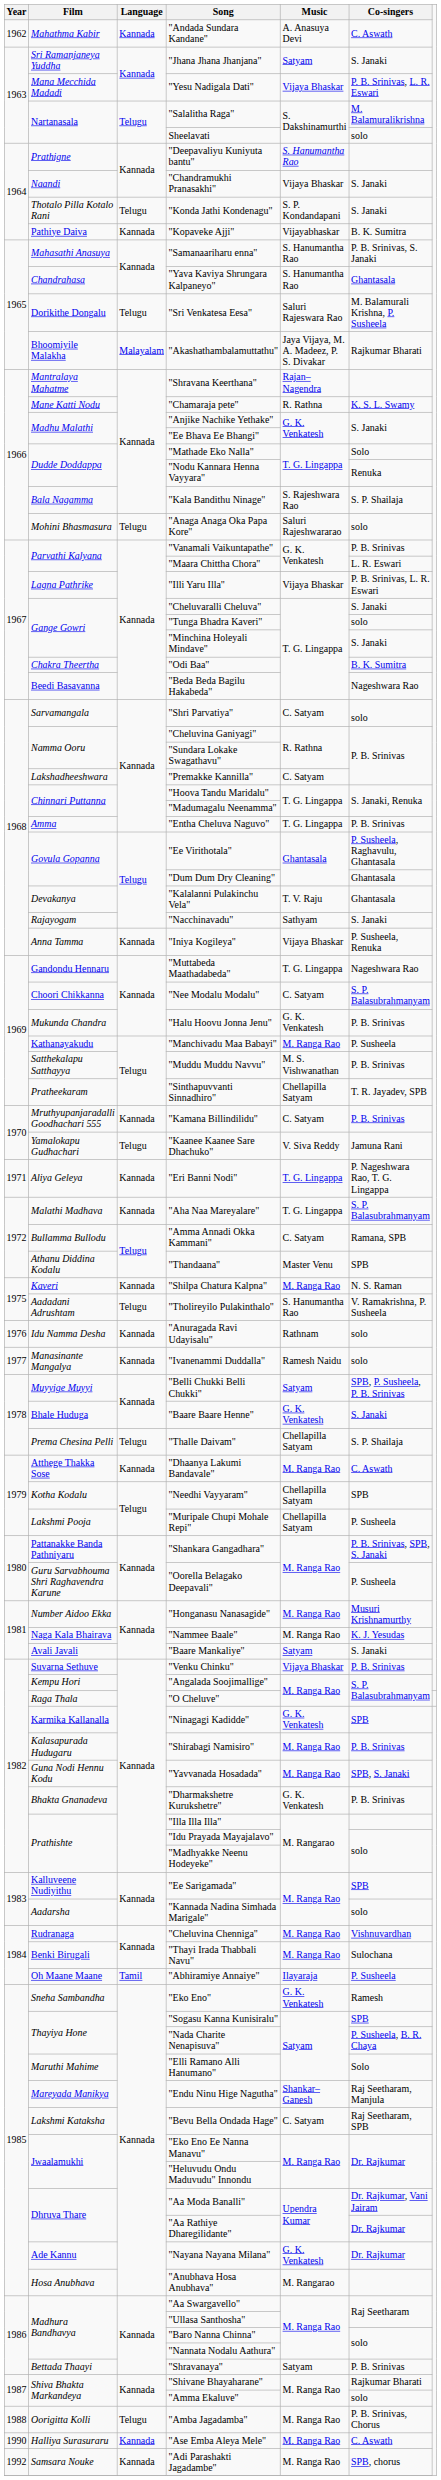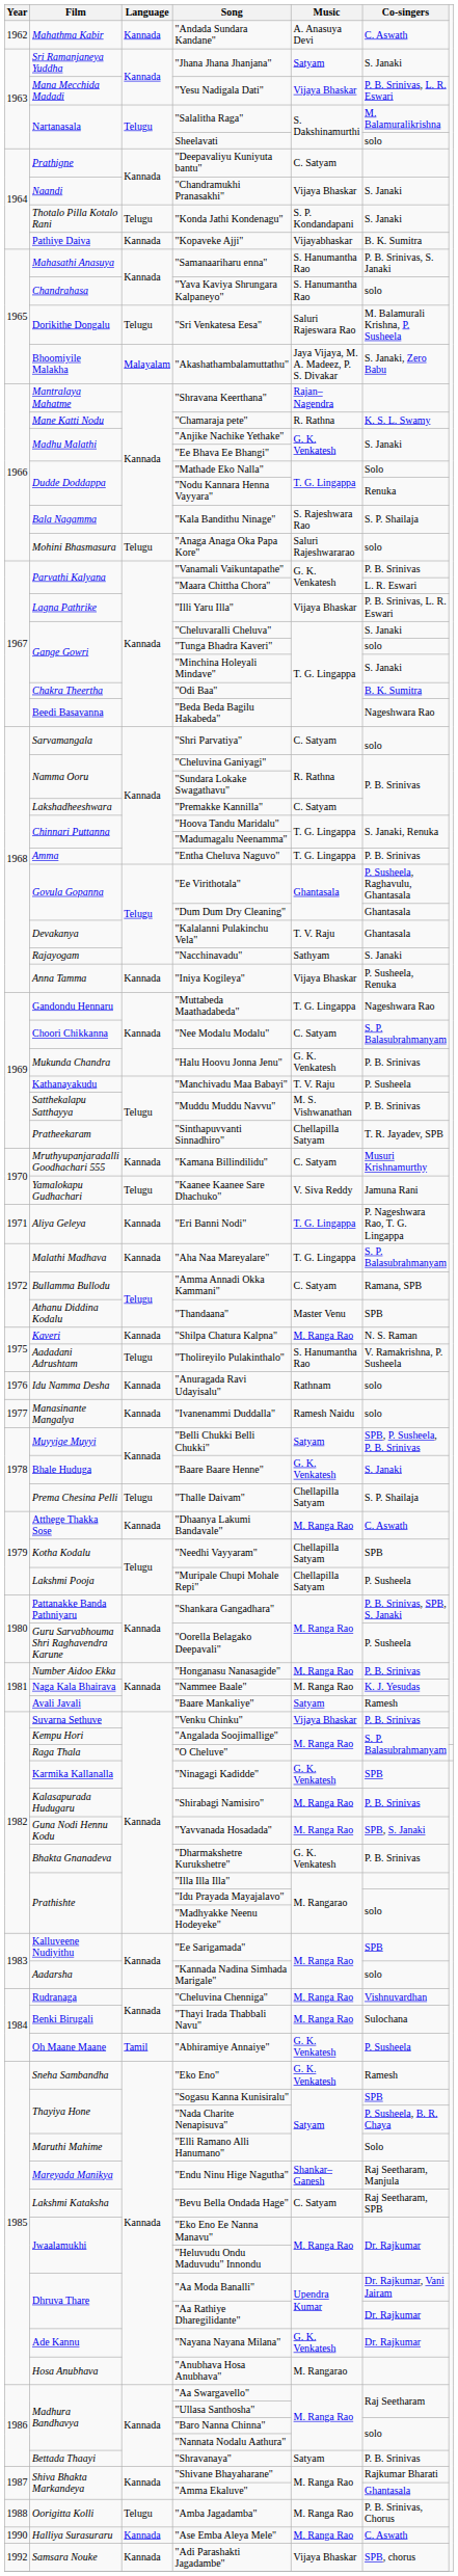 <table class="wikitable">
 <tr>
 <th>Year</th>
 <th>Film</th>
 <th>Language</th>
 <th>Song</th>
 <th>Music</th>
 <th>Co-singers</th>
 </tr>
 <tr>
 <td>1962</td>
 <td><em><a href='#'>Mahathma Kabir</a></em></td>
 <td><a href='#'>Kannada</a></td>
 <td>"Andada Sundara Kandane"</td>
 <td>A. Anasuya Devi</td>
 <td><a href='#'>C. Aswath</a></td>
 </tr>
 <tr>
 <td rowspan=4>1963</td>
 <td rowspan=><em><a href='#'>Sri Ramanjaneya Yuddha</a></em></td>
 <td rowspan=2><a href='#'>Kannada</a></td>
 <td>"Jhana Jhana Jhanjana"</td>
 <td rowspan=><a href='#'>Satyam</a></td>
 <td rowspan=>S. Janaki</td>
 </tr>
 <tr>
 <td><em><a href='#'>Mana Mecchida Madadi</a></em></td>
 <td>"Yesu Nadigala Dati"</td>
 <td><a href='#'>Vijaya Bhaskar</a></td>
 <td><a href='#'>P. B. Srinivas</a>, <a href='#'>L. R. Eswari</a></td>
 </tr>
 <tr>
 <td rowspan=2><a href='#'>Nartanasala</a></td>
 <td rowspan=2><a href='#'>Telugu</a></td>
 <td rowspan=>"Salalitha Raga"</td>
 <td rowspan=2>S. Dakshinamurthi</td>
 <td><a href='#'>M. Balamuralikrishna</a></td>
 </tr>
 <tr>
 <td>Sheelavati</td>
 <td>solo</td>
 </tr>
 <tr>
 <td rowspan=4>1964</td>
 <td rowspan=><em><a href='#'>Prathigne</a></em></td>
 <td rowspan=2>Kannada</td>
 <td>"Deepavaliyu Kuniyuta bantu"</td>
-<td rowspan=><em><a href='#'>S. Hanumantha Rao</a></em></td>
+<td>C. Satyam</td>
 <td rowspan=></td>
 </tr>
 <tr>
 <td><em><a href='#'>Naandi</a></em></td>
 <td>"Chandramukhi Pranasakhi"</td>
 <td>Vijaya Bhaskar</td>
 <td>S. Janaki</td>
 </tr>
 <tr>
 <td><em>Thotalo Pilla Kotalo Rani</em></td>
 <td>Telugu</td>
 <td>"Konda Jathi Kondenagu"</td>
 <td>S. P. Kondandapani</td>
 <td>S. Janaki</td>
 </tr>
 <tr>
 <td><a href='#'>Pathiye Daiva</a></td>
 <td>Kannada</td>
 <td>"Kopaveke Ajji"</td>
 <td>Vijayabhaskar</td>
 <td>B. K. Sumitra</td>
 </tr>
 <tr>
 <td rowspan=4>1965</td>
 <td rowspan=><em><a href='#'>Mahasathi Anasuya</a></em></td>
 <td rowspan=2>Kannada</td>
 <td>"Samanaariharu enna"</td>
 <td rowspan=>S. Hanumantha Rao</td>
 <td>P. B. Srinivas, S. Janaki</td>
 </tr>
 <tr>
 <td><em><a href='#'>Chandrahasa</a></em></td>
 <td>"Yava Kaviya Shrungara Kalpaneyo"</td>
 <td>S. Hanumantha Rao</td>
-<td><a href='#'>Ghantasala</a></td>
+<td>solo</td>
 </tr>
 <tr>
 <td><a href='#'>Dorikithe Dongalu</a></td>
 <td>Telugu</td>
 <td>"Sri Venkatesa Eesa"</td>
 <td>Saluri Rajeswara Rao</td>
 <td>M. Balamurali Krishna, <a href='#'>P. Susheela</a></td>
 </tr>
 <tr>
 <td><a href='#'>Bhoomiyile Malakha</a></td>
 <td><a href='#'>Malayalam</a></td>
 <td>"Akashathambalamuttathu"</td>
 <td>Jaya Vijaya, M. A. Madeez, P. S. Divakar</td>
-<td rowspan=>Rajkumar Bharati</td>
+<td>S. Janaki, <a href='#'>Zero Babu</a></td>
 </tr>
 <tr>
 <td rowspan=8>1966</td>
 <td rowspan=><em><a href='#'>Mantralaya Mahatme</a></em></td>
 <td rowspan=7>Kannada</td>
 <td rowspan=>"Shravana Keerthana"</td>
 <td rowspan=><a href='#'>Rajan–Nagendra</a></td>
 <td rowspan=></td>
 </tr>
 <tr>
 <td><em><a href='#'>Mane Katti Nodu</a></em></td>
 <td>"Chamaraja pete"</td>
 <td>R. Rathna</td>
 <td><a href='#'>K. S. L. Swamy</a></td>
 </tr>
 <tr>
 <td rowspan=2><em><a href='#'>Madhu Malathi</a></em></td>
 <td>"Anjike Nachike Yethake"</td>
 <td rowspan=2><a href='#'>G. K. Venkatesh</a></td>
 <td rowspan=2>S. Janaki</td>
 </tr>
 <tr>
 <td>"Ee Bhava Ee Bhangi"</td>
 </tr>
 <tr>
 <td rowspan=2><em><a href='#'>Dudde Doddappa</a></em></td>
 <td>"Mathade Eko Nalla"</td>
 <td rowspan=2><a href='#'>T. G. Lingappa</a></td>
 <td rowspan=>Solo</td>
 </tr>
 <tr>
 <td>"Nodu Kannara Henna Vayyara"</td>
 <td>Renuka</td>
 </tr>
 <tr>
 <td><em><a href='#'>Bala Nagamma</a></em></td>
 <td>"Kala Bandithu Ninage"</td>
 <td>S. Rajeshwara Rao</td>
 <td>S. P. Shailaja</td>
 </tr>
 <tr>
 <td><em>Mohini Bhasmasura</em></td>
 <td>Telugu</td>
 <td>"Anaga Anaga Oka Papa Kore"</td>
 <td>Saluri Rajeshwararao</td>
 <td>solo</td>
 </tr>
 <tr>
 <td rowspan=8>1967</td>
 <td rowspan=2><em><a href='#'>Parvathi Kalyana</a></em></td>
 <td rowspan=8>Kannada</td>
 <td>"Vanamali Vaikuntapathe"</td>
 <td rowspan=2>G. K. Venkatesh</td>
 <td>P. B. Srinivas</td>
 </tr>
 <tr>
 <td>"Maara Chittha Chora"</td>
 <td>L. R. Eswari</td>
 </tr>
 <tr>
 <td><em><a href='#'>Lagna Pathrike</a></em></td>
 <td>"Illi Yaru Illa"</td>
 <td>Vijaya Bhaskar</td>
 <td>P. B. Srinivas, L. R. Eswari</td>
 </tr>
 <tr>
 <td rowspan=3><em><a href='#'>Gange Gowri</a></em></td>
 <td>"Cheluvaralli Cheluva"</td>
 <td rowspan=5>T. G. Lingappa</td>
 <td>S. Janaki</td>
 </tr>
 <tr>
 <td>"Tunga Bhadra Kaveri"</td>
 <td>solo</td>
 </tr>
 <tr>
 <td>"Minchina Holeyali Mindave"</td>
 <td>S. Janaki</td>
 </tr>
 <tr>
 <td><em><a href='#'>Chakra Theertha</a></em></td>
 <td>"Odi Baa"</td>
 <td><a href='#'>B. K. Sumitra</a></td>
 </tr>
 <tr>
 <td><a href='#'>Beedi Basavanna</a></td>
 <td>"Beda Beda Bagilu Hakabeda"</td>
 <td>Nageshwara Rao</td>
 </tr>
 <tr>
 <td rowspan=12>1968</td>
 <td rowspan=><em>Sarvamangala</em></td>
 <td rowspan=7>Kannada</td>
 <td>"Shri Parvatiya"</td>
 <td rowspan=>C. Satyam</td>
 <td rowspan=><br>solo</td>
 </tr>
 <tr>
 <td rowspan=2><em>Namma Ooru</em></td>
 <td rowspan=>"Cheluvina Ganiyagi"</td>
 <td rowspan=2>R. Rathna</td>
 <td rowspan=3>P. B. Srinivas</td>
 </tr>
 <tr>
 <td>"Sundara Lokake Swagathavu"</td>
 </tr>
 <tr>
 <td><em>Lakshadheeshwara</em></td>
 <td>"Premakke Kannilla"</td>
 <td>C. Satyam</td>
 </tr>
 <tr>
 <td rowspan=2><em><a href='#'>Chinnari Puttanna</a></em></td>
 <td rowspan=>"Hoova Tandu Maridalu"</td>
 <td rowspan=2>T. G. Lingappa</td>
 <td rowspan=2>S. Janaki, Renuka</td>
 </tr>
 <tr>
 <td>"Madumagalu Neenamma"</td>
 </tr>
 <tr>
 <td><em><a href='#'>Amma</a></em></td>
 <td>"Entha Cheluva Naguvo"</td>
 <td>T. G. Lingappa</td>
 <td>P. B. Srinivas</td>
 </tr>
 <tr>
 <td rowspan=2><em><a href='#'>Govula Gopanna</a></em></td>
 <td rowspan=4><a href='#'>Telugu</a></td>
 <td rowspan=>"Ee Virithotala"</td>
 <td rowspan=2><a href='#'>Ghantasala</a></td>
 <td rowspan=><a href='#'>P. Susheela</a>, Raghavulu, Ghantasala</td>
 </tr>
 <tr>
 <td>"Dum Dum Dry Cleaning"</td>
 <td>Ghantasala</td>
 </tr>
 <tr>
 <td><em>Devakanya</em></td>
 <td>"Kalalanni Pulakinchu Vela"</td>
 <td>T. V. Raju</td>
 <td>Ghantasala</td>
 </tr>
 <tr>
 <td><em>Rajayogam</em></td>
 <td>"Nacchinavadu"</td>
 <td>Sathyam</td>
 <td>S. Janaki</td>
 </tr>
 <tr>
 <td><em>Anna Tamma</em></td>
 <td>Kannada</td>
 <td>"Iniya Kogileya"</td>
 <td>Vijaya Bhaskar</td>
 <td>P. Susheela, Renuka</td>
 </tr>
 <tr>
 <td rowspan=6>1969</td>
 <td><a href='#'>Gandondu Hennaru</a></td>
 <td rowspan=3>Kannada</td>
 <td>"Muttabeda Maathadabeda"</td>
 <td>T. G. Lingappa</td>
 <td>Nageshwara Rao</td>
 </tr>
 <tr>
 <td><a href='#'>Choori Chikkanna</a></td>
 <td>"Nee Modalu Modalu"</td>
 <td>C. Satyam</td>
 <td><a href='#'>S. P. Balasubrahmanyam</a></td>
 </tr>
 <tr>
 <td><em>Mukunda Chandra</em></td>
 <td>"Halu Hoovu Jonna Jenu"</td>
 <td>G. K. Venkatesh</td>
 <td>P. B. Srinivas</td>
 </tr>
 <tr>
 <td><a href='#'>Kathanayakudu</a></td>
 <td rowspan=3>Telugu</td>
 <td>"Manchivadu Maa Babayi"</td>
-<td><a href='#'>M. Ranga Rao</a></td>
+<td>T. V. Raju</td>
 <td>P. Susheela</td>
 </tr>
 <tr>
 <td><em>Satthekalapu Satthayya</em></td>
 <td>"Muddu Muddu Navvu"</td>
 <td>M. S. Vishwanathan</td>
 <td>P. B. Srinivas</td>
 </tr>
 <tr>
 <td><em>Pratheekaram</em></td>
 <td>"Sinthapuvvanti Sinnadhiro"</td>
 <td>Chellapilla Satyam</td>
 <td>T. R. Jayadev, SPB</td>
 </tr>
 <tr>
 <td rowspan=2>1970</td>
 <td><em>Mruthyupanjaradalli Goodhachari 555</em></td>
 <td>Kannada</td>
 <td>"Kamana Billindilidu"</td>
 <td>C. Satyam</td>
-<td><a href='#'>P. B. Srinivas</a></td>
+<td rowspan=><a href='#'>Musuri Krishnamurthy</a></td>
 </tr>
 <tr>
 <td><em>Yamalokapu Gudhachari</em></td>
 <td>Telugu</td>
 <td>"Kaanee Kaanee Sare Dhachuko"</td>
 <td>V. Siva Reddy</td>
 <td>Jamuna Rani</td>
 </tr>
 <tr>
 <td>1971</td>
 <td><em>Aliya Geleya</em></td>
 <td>Kannada</td>
 <td>"Eri Banni Nodi"</td>
 <td><a href='#'>T. G. Lingappa</a></td>
 <td>P. Nageshwara Rao, T. G. Lingappa</td>
 </tr>
 <tr>
 <td rowspan=3>1972</td>
 <td rowspan=><em>Malathi Madhava</em></td>
 <td rowspan=>Kannada</td>
 <td>"Aha Naa Mareyalare"</td>
 <td rowspan=>T. G. Lingappa</td>
 <td rowspan=><a href='#'>S. P. Balasubrahmanyam</a></td>
 </tr>
 <tr>
 <td><em>Bullamma Bullodu</em></td>
 <td rowspan=2><a href='#'>Telugu</a></td>
 <td>"Amma Annadi Okka Kammani"</td>
 <td>C. Satyam</td>
 <td>Ramana, SPB</td>
 </tr>
 <tr>
 <td><em>Athanu Diddina Kodalu</em></td>
 <td>"Thandaana"</td>
 <td>Master Venu</td>
 <td>SPB</td>
 </tr>
 <tr>
 <td rowspan=2>1975</td>
 <td><em><a href='#'>Kaveri</a></em></td>
 <td>Kannada</td>
 <td>"Shilpa Chatura Kalpna"</td>
 <td><a href='#'>M. Ranga Rao</a></td>
 <td>N. S. Raman</td>
 </tr>
 <tr>
 <td><em>Aadadani Adrushtam</em></td>
 <td>Telugu</td>
 <td>"Tholireyilo Pulakinthalo"</td>
 <td>S. Hanumantha Rao</td>
 <td>V. Ramakrishna, P. Susheela</td>
 </tr>
 <tr>
 <td>1976</td>
 <td><em>Idu Namma Desha</em></td>
 <td>Kannada</td>
 <td>"Anuragada Ravi Udayisalu"</td>
 <td>Rathnam</td>
 <td>solo</td>
 </tr>
 <tr>
 <td>1977</td>
 <td><em>Manasinante Mangalya</em></td>
 <td>Kannada</td>
 <td>"Ivanenammi Duddalla"</td>
 <td>Ramesh Naidu</td>
 <td>solo</td>
 </tr>
 <tr>
 <td rowspan=3>1978</td>
 <td rowspan=><em><a href='#'>Muyyige Muyyi</a></em></td>
 <td rowspan=2>Kannada</td>
 <td>"Belli Chukki Belli Chukki"</td>
 <td rowspan=><a href='#'>Satyam</a></td>
 <td rowspan=><a href='#'>SPB</a>, <a href='#'>P. Susheela</a>, <a href='#'>P. B. Srinivas</a></td>
 </tr>
 <tr>
 <td><a href='#'>Bhale Huduga</a></td>
 <td>"Baare Baare Henne"</td>
 <td><a href='#'>G. K. Venkatesh</a></td>
 <td><a href='#'>S. Janaki</a></td>
 </tr>
 <tr>
 <td><em>Prema Chesina Pelli</em></td>
 <td>Telugu</td>
 <td>"Thalle Daivam"</td>
 <td>Chellapilla Satyam</td>
 <td>S. P. Shailaja</td>
 </tr>
 <tr>
 <td rowspan=3>1979</td>
 <td><a href='#'>Atthege Thakka Sose</a></td>
 <td>Kannada</td>
 <td>"Dhaanya Lakumi Bandavale"</td>
 <td><a href='#'>M. Ranga Rao</a></td>
 <td><a href='#'>C. Aswath</a></td>
 </tr>
 <tr>
 <td><em>Kotha Kodalu</em></td>
 <td rowspan=2>Telugu</td>
 <td>"Needhi Vayyaram"</td>
 <td>Chellapilla Satyam</td>
 <td>SPB</td>
 </tr>
 <tr>
 <td><em>Lakshmi Pooja</em></td>
 <td>"Muripale Chupi Mohale Repi"</td>
 <td>Chellapilla Satyam</td>
 <td>P. Susheela</td>
 </tr>
 <tr>
 <td rowspan=2>1980</td>
 <td><a href='#'>Pattanakke Banda Pathniyaru</a></td>
 <td rowspan=2>Kannada</td>
 <td>"Shankara Gangadhara"</td>
 <td rowspan=2><a href='#'>M. Ranga Rao</a></td>
 <td><a href='#'>P. B. Srinivas</a>, <a href='#'>SPB</a>, <a href='#'>S. Janaki</a></td>
 </tr>
 <tr>
 <td><em>Guru Sarvabhouma Shri Raghavendra Karune</em></td>
 <td>"Oorella Belagako Deepavali"</td>
 <td>P. Susheela</td>
 </tr>
 <tr>
 <td rowspan=3>1981</td>
 <td rowspan=><em>Number Aidoo Ekka</em></td>
 <td rowspan=3>Kannada</td>
 <td>"Honganasu Nanasagide"</td>
 <td rowspan=><a href='#'>M. Ranga Rao</a></td>
-<td rowspan=><a href='#'>Musuri Krishnamurthy</a></td>
+<td><a href='#'>P. B. Srinivas</a></td>
 </tr>
 <tr>
 <td><a href='#'>Naga Kala Bhairava</a></td>
 <td>"Nammee Baale"</td>
 <td>M. Ranga Rao</td>
 <td><a href='#'>K. J. Yesudas</a></td>
 </tr>
 <tr>
 <td><a href='#'>Avali Javali</a></td>
 <td>"Baare Mankaliye"</td>
 <td><a href='#'>Satyam</a></td>
-<td>S. Janaki</td>
+<td>Ramesh</td>
 </tr>
 <tr>
 <td rowspan=10>1982</td>
 <td rowspan=><a href='#'>Suvarna Sethuve</a></td>
 <td rowspan=10>Kannada</td>
 <td>"Venku Chinku"</td>
 <td rowspan=><a href='#'>Vijaya Bhaskar</a></td>
 <td rowspan=><a href='#'>P. B. Srinivas</a></td>
 </tr>
 <tr>
 <td><em>Kempu Hori</em></td>
 <td>"Angalada Soojimallige"</td>
 <td rowspan="2"><a href='#'>M. Ranga Rao</a></td>
 <td rowspan="2"><a href='#'>S. P. Balasubrahmanyam</a></td>
 </tr>
 <tr>
 <td><em>Raga Thala</em></td>
 <td>"O Cheluve"</td>
 <td></td>
 </tr>
 <tr>
 <td><a href='#'>Karmika Kallanalla</a></td>
 <td>"Ninagagi Kadidde"</td>
 <td><a href='#'>G. K. Venkatesh</a></td>
 <td><a href='#'>SPB</a></td>
 </tr>
 <tr>
 <td><em>Kalasapurada Hudugaru</em></td>
 <td>"Shirabagi Namisiro"</td>
 <td><a href='#'>M. Ranga Rao</a></td>
 <td><a href='#'>P. B. Srinivas</a></td>
 </tr>
 <tr>
 <td><em>Guna Nodi Hennu Kodu</em></td>
 <td>"Yavvanada Hosadada"</td>
 <td><a href='#'>M. Ranga Rao</a></td>
 <td><a href='#'>SPB</a>, <a href='#'>S. Janaki</a></td>
 </tr>
 <tr>
 <td><em>Bhakta Gnanadeva</em></td>
 <td>"Dharmakshetre Kurukshetre"</td>
 <td>G. K. Venkatesh</td>
 <td>P. B. Srinivas</td>
 </tr>
 <tr>
 <td rowspan=3><em>Prathishte</em></td>
 <td>"Illa Illa Illa"</td>
 <td rowspan=3>M. Rangarao</td>
 <td></td>
 </tr>
 <tr>
 <td>"Idu Prayada Mayajalavo"</td>
 <td rowspan=2>solo</td>
 </tr>
 <tr>
 <td>"Madhyakke Neenu Hodeyeke"</td>
 </tr>
 <tr>
 <td rowspan=2>1983</td>
 <td rowspan=><a href='#'>Kalluveene Nudiyithu</a></td>
 <td rowspan=2>Kannada</td>
 <td>"Ee Sarigamada"</td>
 <td rowspan=2><a href='#'>M. Ranga Rao</a></td>
 <td rowspan=><a href='#'>SPB</a></td>
 </tr>
 <tr>
 <td><em>Aadarsha</em></td>
 <td>"Kannada Nadina Simhada Marigale"</td>
 <td>solo</td>
 </tr>
 <tr>
 <td rowspan=3>1984</td>
 <td rowspan=><a href='#'>Rudranaga</a></td>
 <td rowspan=2>Kannada</td>
 <td>"Cheluvina Chenniga"</td>
 <td rowspan=><a href='#'>M. Ranga Rao</a></td>
 <td rowspan=><a href='#'>Vishnuvardhan</a></td>
 </tr>
 <tr>
 <td><a href='#'>Benki Birugali</a></td>
 <td>"Thayi Irada Thabbali Navu"</td>
 <td><a href='#'>M. Ranga Rao</a></td>
 <td>Sulochana</td>
 </tr>
 <tr>
 <td><a href='#'>Oh Maane Maane</a></td>
 <td><a href='#'>Tamil</a></td>
 <td>"Abhiramiye Annaiye"</td>
-<td><a href='#'>Ilayaraja</a></td>
+<td rowspan=><a href='#'>G. K. Venkatesh</a></td>
 <td><a href='#'>P. Susheela</a></td>
 </tr>
 <tr>
 <td rowspan=12>1985</td>
 <td rowspan=><em>Sneha Sambandha</em></td>
 <td rowspan=12>Kannada</td>
 <td>"Eko Eno"</td>
 <td rowspan=><a href='#'>G. K. Venkatesh</a></td>
 <td rowspan=>Ramesh</td>
 </tr>
 <tr>
 <td rowspan=2><em>Thayiya Hone</em></td>
 <td rowspan=>"Sogasu Kanna Kunisiralu"</td>
 <td rowspan=3><a href='#'>Satyam</a></td>
 <td rowspan=><a href='#'>SPB</a></td>
 </tr>
 <tr>
 <td>"Nada Charite Nenapisuva"</td>
 <td><a href='#'>P. Susheela</a>, <a href='#'>B. R. Chaya</a></td>
 </tr>
 <tr>
 <td><em>Maruthi Mahime</em></td>
 <td>"Elli Ramano Alli Hanumano"</td>
 <td>Solo</td>
 </tr>
 <tr>
 <td><em><a href='#'>Mareyada Manikya</a></em></td>
 <td>"Endu Ninu Hige Nagutha"</td>
 <td><a href='#'>Shankar–Ganesh</a></td>
 <td>Raj Seetharam, Manjula</td>
 </tr>
 <tr>
 <td><em>Lakshmi Kataksha</em></td>
 <td>"Bevu Bella Ondada Hage"</td>
 <td>C. Satyam</td>
 <td>Raj Seetharam, SPB</td>
 </tr>
 <tr>
 <td rowspan=2><a href='#'>Jwaalamukhi</a></td>
 <td>"Eko Eno Ee Nanna Manavu"</td>
 <td rowspan=2><a href='#'>M. Ranga Rao</a></td>
 <td rowspan=2><a href='#'>Dr. Rajkumar</a></td>
 </tr>
 <tr>
 <td>"Heluvudu Ondu Maduvudu" Innondu</td>
 </tr>
 <tr>
 <td rowspan=2><a href='#'>Dhruva Thare</a></td>
 <td>"Aa Moda Banalli"</td>
 <td rowspan=2><a href='#'>Upendra Kumar</a></td>
 <td rowspan=><a href='#'>Dr. Rajkumar</a>, <a href='#'>Vani Jairam</a></td>
 </tr>
 <tr>
 <td>"Aa Rathiye Dharegilidante"</td>
 <td><a href='#'>Dr. Rajkumar</a></td>
 </tr>
 <tr>
 <td><a href='#'>Ade Kannu</a></td>
 <td>"Nayana Nayana Milana"</td>
 <td><a href='#'>G. K. Venkatesh</a></td>
 <td><a href='#'>Dr. Rajkumar</a></td>
 </tr>
 <tr>
 <td><em>Hosa Anubhava</em></td>
 <td>"Anubhava Hosa Anubhava"</td>
 <td>M. Rangarao</td>
 <td></td>
 </tr>
 <tr>
 <td rowspan=5>1986</td>
 <td rowspan=4><em>Madhura Bandhavya</em></td>
 <td rowspan=5>Kannada</td>
 <td rowspan=>"Aa Swargavello"</td>
 <td rowspan=4><a href='#'>M. Ranga Rao</a></td>
 <td rowspan=2>Raj Seetharam</td>
 </tr>
 <tr>
 <td>"Ullasa Santhosha"</td>
 </tr>
 <tr>
 <td>"Baro Nanna Chinna"</td>
 <td rowspan=2>solo</td>
 </tr>
 <tr>
 <td>"Nannata Nodalu Aathura"</td>
 </tr>
 <tr>
 <td><em>Bettada Thaayi</em></td>
 <td>"Shravanaya"</td>
 <td>Satyam</td>
 <td>P. B. Srinivas</td>
 </tr>
 <tr>
 <td rowspan=2>1987</td>
 <td rowspan=2><em>Shiva Bhakta Markandeya</em></td>
 <td rowspan=2>Kannada</td>
 <td rowspan=>"Shivane Bhayaharane"</td>
 <td rowspan=2>M. Ranga Rao</td>
 <td rowspan=>Rajkumar Bharati</td>
 </tr>
 <tr>
 <td>"Amma Ekaluve"</td>
-<td>solo</td>
+<td><a href='#'>Ghantasala</a></td>
 </tr>
 <tr>
 <td>1988</td>
 <td><em>Oorigitta Kolli</em></td>
 <td>Telugu</td>
 <td>"Amba Jagadamba"</td>
 <td>M. Ranga Rao</td>
 <td>P. B. Srinivas, Chorus</td>
 </tr>
 <tr>
 <td>1990</td>
 <td><em>Halliya Surasuraru</em></td>
 <td><a href='#'>Kannada</a></td>
 <td>"Ase Emba Aleya Mele"</td>
 <td><a href='#'>M. Ranga Rao</a></td>
 <td><a href='#'>C. Aswath</a></td>
 </tr>
 <tr>
 <td>1992</td>
 <td><em>Samsara Nouke</em></td>
 <td>Kannada</td>
 <td>"Adi Parashakti Jagadambe"</td>
-<td>M. Ranga Rao</td>
+<td>Vijaya Bhaskar</td>
 <td><a href='#'>SPB</a>, chorus</td>
 </tr>
 <tr>
 </tr>
 </table>
